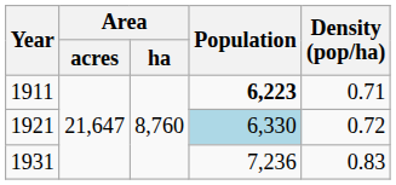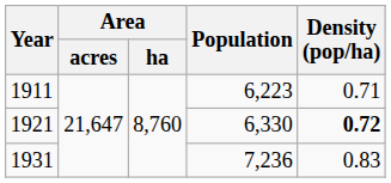 <table class="wikitable">
 <tr>
 <th rowspan="2">Year</th>
 <th colspan="2">Area</th>
 <th rowspan="2">Population<br></th>
 <th rowspan="2">Density<br>(pop/ha)</th>
 </tr>
 <tr>
 <th>acres</th>
 <th>ha</th>
 </tr>
 <tr>
 <td>1911</td>
 <td style="text-align:right;" rowspan="3">21,647</td>
 <td style="text-align:right;" rowspan="3">8,760</td>
-<td style="text-align:right;"><strong>6,223</strong></td>
+<td style="text-align:right;">6,223</td>
 <td style="text-align:right;">0.71</td>
 </tr>
 <tr>
 <td>1921</td>
-<td style="background: lightblue; text-align:right;">6,330</td>
-<td style="text-align:right;">0.72</td>
+<td style="text-align:right;">6,330</td>
+<td style="text-align:right;"><strong>0.72</strong></td>
 </tr>
 <tr>
 <td>1931</td>
 <td style="text-align:right;">7,236</td>
 <td style="text-align:right;">0.83</td>
 </tr>
 </table>
